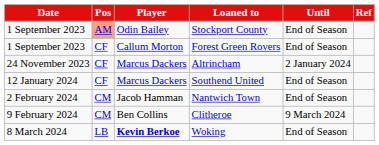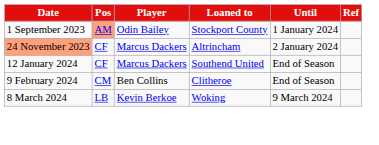 <table class="wikitable plainrowheaders sortable">
 <tr>
 <th style="background:#e20e0e;color:white;">Date</th>
 <th style="background:#e20e0e;color:white;">Pos</th>
 <th style="background:#e20e0e;color:white;">Player</th>
 <th style="background:#e20e0e;color:white;">Loaned to</th>
 <th style="background:#e20e0e;color:white;">Until</th>
 <th style="background:#e20e0e;color:white;">Ref</th>
 </tr>
 <tr>
 <td>1 September 2023</td>
 <td style="background: lightsalmon;"><a href='#'>AM</a></td>
 <td> <a href='#'>Odin Bailey</a></td>
 <td> <a href='#'>Stockport County</a></td>
-<td>End of Season</td>
+<td>1 January 2024</td>
 <td></td>
 </tr>
 <tr>
-<td>1 September 2023</td>
-<td><a href='#'>CF</a></td>
-<td> <a href='#'>Callum Morton</a></td>
-<td> <a href='#'>Forest Green Rovers</a></td>
-<td>End of Season</td>
-<td></td>
-</tr>
-<tr>
-<td>24 November 2023</td>
+<td style="background: lightsalmon;">24 November 2023</td>
 <td><a href='#'>CF</a></td>
 <td> <a href='#'>Marcus Dackers</a></td>
 <td> <a href='#'>Altrincham</a></td>
 <td>2 January 2024</td>
 <td></td>
 </tr>
 <tr>
 <td>12 January 2024</td>
 <td><a href='#'>CF</a></td>
 <td> <a href='#'>Marcus Dackers</a></td>
 <td> <a href='#'>Southend United</a></td>
 <td>End of Season</td>
 <td></td>
 </tr>
 <tr>
-<td>2 February 2024</td>
-<td><a href='#'>CM</a></td>
-<td> Jacob Hamman</td>
-<td> <a href='#'>Nantwich Town</a></td>
-<td>End of Season</td>
-<td></td>
-</tr>
-<tr>
 <td>9 February 2024</td>
 <td><a href='#'>CM</a></td>
 <td> Ben Collins</td>
 <td> <a href='#'>Clitheroe</a></td>
-<td>9 March 2024</td>
+<td>End of Season</td>
 <td></td>
 </tr>
 <tr>
 <td>8 March 2024</td>
 <td><a href='#'>LB</a></td>
-<td><strong> <a href='#'>Kevin Berkoe</a></strong></td>
+<td> <a href='#'>Kevin Berkoe</a></td>
 <td> <a href='#'>Woking</a></td>
-<td>End of Season</td>
+<td>9 March 2024</td>
 <td></td>
 </tr>
 </table>
